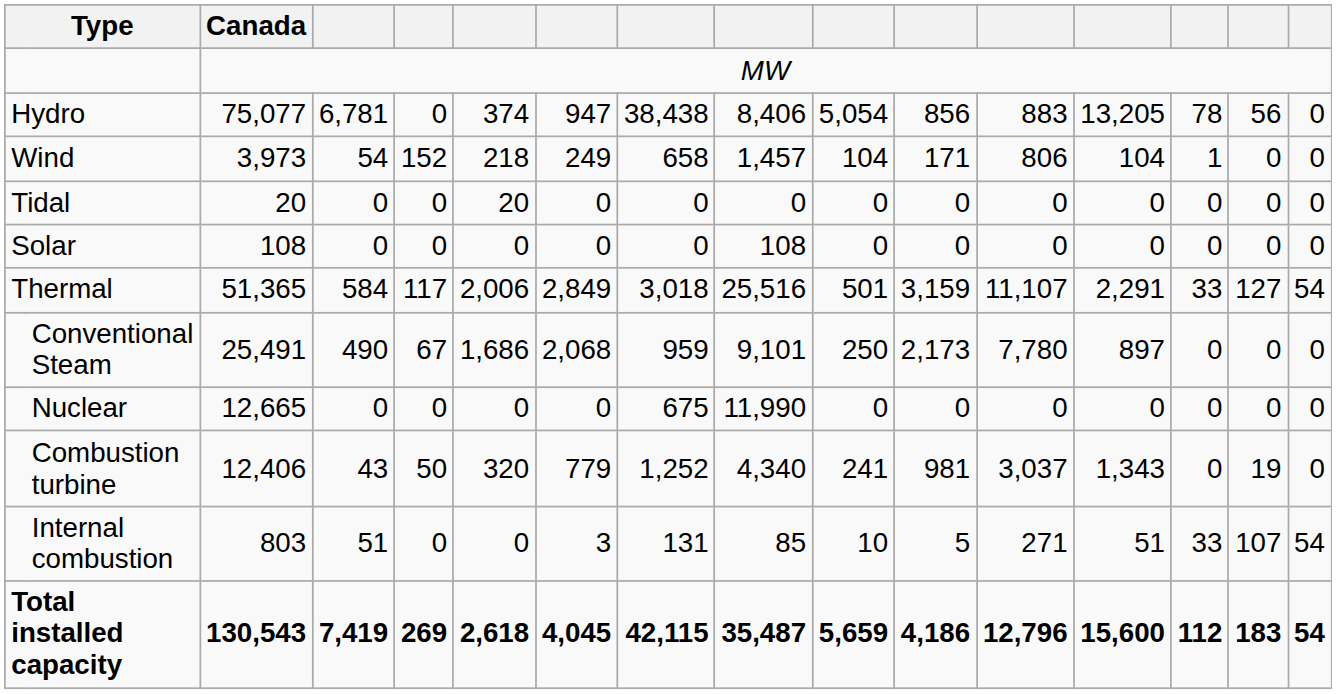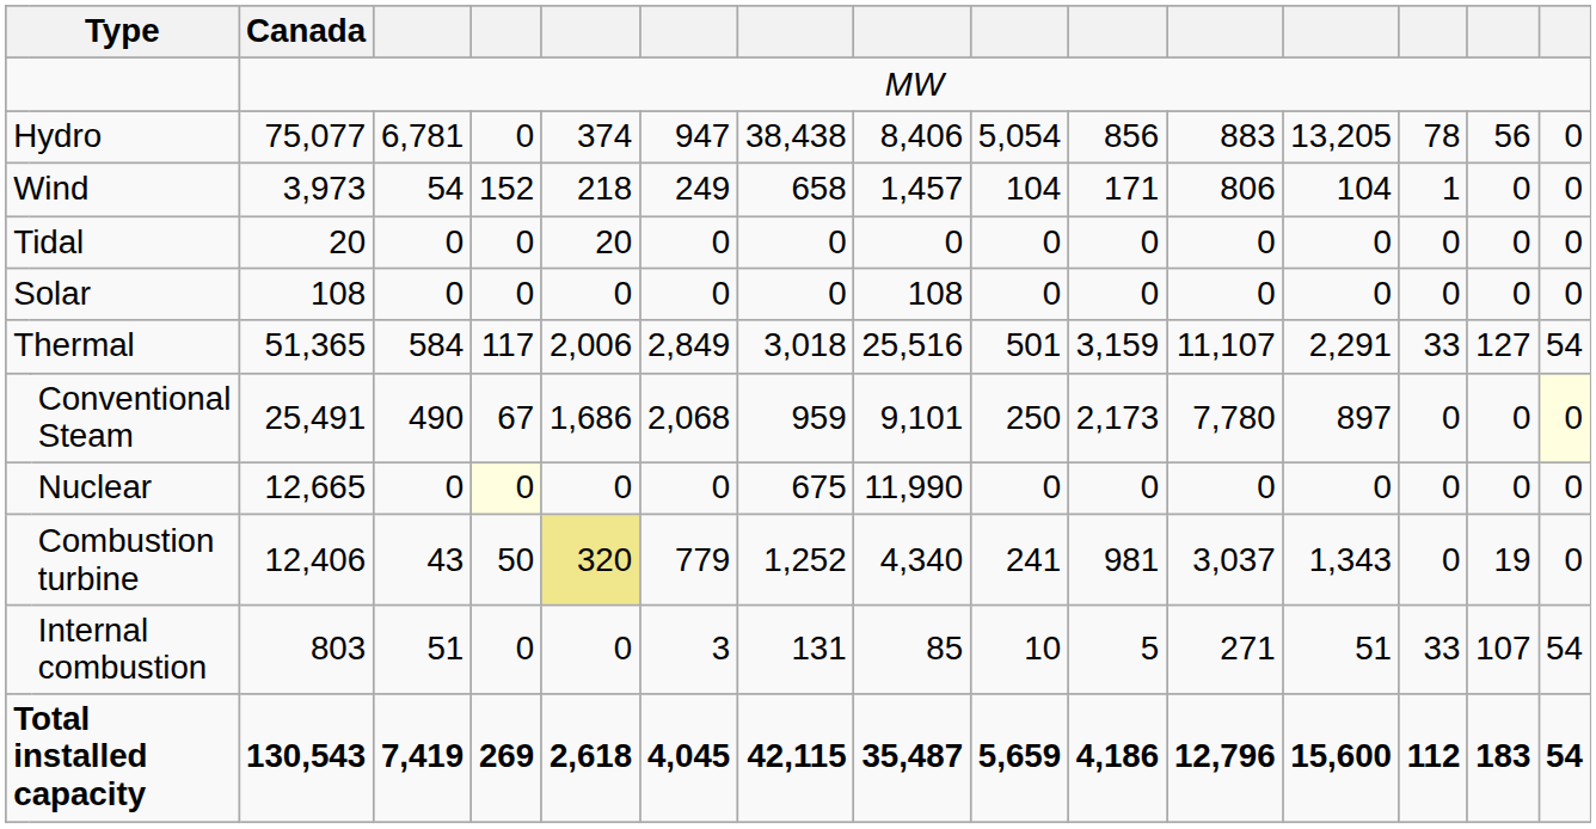 <table class="wikitable" style="text-align:right; width:98%;">
 <tr>
 <th width="16%" colspan=2>Type</th>
 <th width="6%">Canada</th>
 <th width="6%"></th>
 <th width="6%"></th>
 <th width="6%"></th>
 <th width="6%"></th>
 <th width="6%"></th>
 <th width="6%"></th>
 <th width="6%"></th>
 <th width="6%"></th>
 <th width="6%"></th>
 <th width="6%"></th>
 <th width="6%"></th>
 <th width="6%"></th>
 <th width="6%"></th>
 </tr>
 <tr>
 <td colspan=2> </td>
 <td colspan=14 align="center"><em>MW</em></td>
 </tr>
 <tr>
 <td style="text-align:left;" colspan=2>Hydro</td>
 <td>75,077</td>
 <td>6,781</td>
 <td>0</td>
 <td>374</td>
 <td>947</td>
 <td>38,438</td>
 <td>8,406</td>
 <td>5,054</td>
 <td>856</td>
 <td>883</td>
 <td>13,205</td>
 <td>78</td>
 <td>56</td>
 <td>0</td>
 </tr>
 <tr>
 <td style="text-align:left;" colspan=2>Wind</td>
 <td>3,973</td>
 <td>54</td>
 <td>152</td>
 <td>218</td>
 <td>249</td>
 <td>658</td>
 <td>1,457</td>
 <td>104</td>
 <td>171</td>
 <td>806</td>
 <td>104</td>
 <td>1</td>
 <td>0</td>
 <td>0</td>
 </tr>
 <tr>
 <td style="text-align:left;" colspan=2>Tidal</td>
 <td>20</td>
 <td>0</td>
 <td>0</td>
 <td>20</td>
 <td>0</td>
 <td>0</td>
 <td>0</td>
 <td>0</td>
 <td>0</td>
 <td>0</td>
 <td>0</td>
 <td>0</td>
 <td>0</td>
 <td>0</td>
 </tr>
 <tr>
 <td style="text-align:left;" colspan=2>Solar</td>
 <td>108</td>
 <td>0</td>
 <td>0</td>
 <td>0</td>
 <td>0</td>
 <td>0</td>
 <td>108</td>
 <td>0</td>
 <td>0</td>
 <td>0</td>
 <td>0</td>
 <td>0</td>
 <td>0</td>
 <td>0</td>
 </tr>
 <tr>
 <td style="text-align:left;" colspan=2>Thermal</td>
 <td>51,365</td>
 <td>584</td>
 <td>117</td>
 <td>2,006</td>
 <td>2,849</td>
 <td>3,018</td>
 <td>25,516</td>
 <td>501</td>
 <td>3,159</td>
 <td>11,107</td>
 <td>2,291</td>
 <td>33</td>
 <td>127</td>
 <td>54</td>
 </tr>
 <tr>
 <td scope="col" style="width:2%; border-right-color:transparent;"> </td>
 <td style="text-align:left; width=14%">Conventional Steam</td>
 <td>25,491</td>
 <td>490</td>
 <td>67</td>
 <td>1,686</td>
 <td>2,068</td>
 <td>959</td>
 <td>9,101</td>
 <td>250</td>
 <td>2,173</td>
 <td>7,780</td>
 <td>897</td>
 <td>0</td>
 <td>0</td>
-<td>0</td>
+<td style="background: lightyellow;">0</td>
 </tr>
 <tr>
 <td scope="col" style="width:2%; border-right-color:transparent;"> </td>
 <td style="text-align:left; width=14%">Nuclear</td>
 <td>12,665</td>
 <td>0</td>
-<td>0</td>
+<td style="background: lightyellow;">0</td>
 <td>0</td>
 <td>0</td>
 <td>675</td>
 <td>11,990</td>
 <td>0</td>
 <td>0</td>
 <td>0</td>
 <td>0</td>
 <td>0</td>
 <td>0</td>
 <td>0</td>
 </tr>
 <tr>
 <td scope="col" style="width:2%; border-right-color:transparent;"> </td>
 <td style="text-align:left; width=14%">Combustion turbine</td>
 <td>12,406</td>
 <td>43</td>
 <td>50</td>
-<td>320</td>
+<td style="background: khaki;">320</td>
 <td>779</td>
 <td>1,252</td>
 <td>4,340</td>
 <td>241</td>
 <td>981</td>
 <td>3,037</td>
 <td>1,343</td>
 <td>0</td>
 <td>19</td>
 <td>0</td>
 </tr>
 <tr>
 <td scope="col" style="width:2%; border-right-color:transparent;"> </td>
 <td style="text-align:left; width=14%">Internal combustion</td>
 <td>803</td>
 <td>51</td>
 <td>0</td>
 <td>0</td>
 <td>3</td>
 <td>131</td>
 <td>85</td>
 <td>10</td>
 <td>5</td>
 <td>271</td>
 <td>51</td>
 <td>33</td>
 <td>107</td>
 <td>54</td>
 </tr>
 <tr style="font-weight:bold;">
 <td style="text-align:left;" colspan=2>Total installed capacity</td>
 <td>130,543</td>
 <td>7,419</td>
 <td>269</td>
 <td>2,618</td>
 <td>4,045</td>
 <td>42,115</td>
 <td>35,487</td>
 <td>5,659</td>
 <td>4,186</td>
 <td>12,796</td>
 <td>15,600</td>
 <td>112</td>
 <td>183</td>
 <td>54</td>
 </tr>
 </table>
